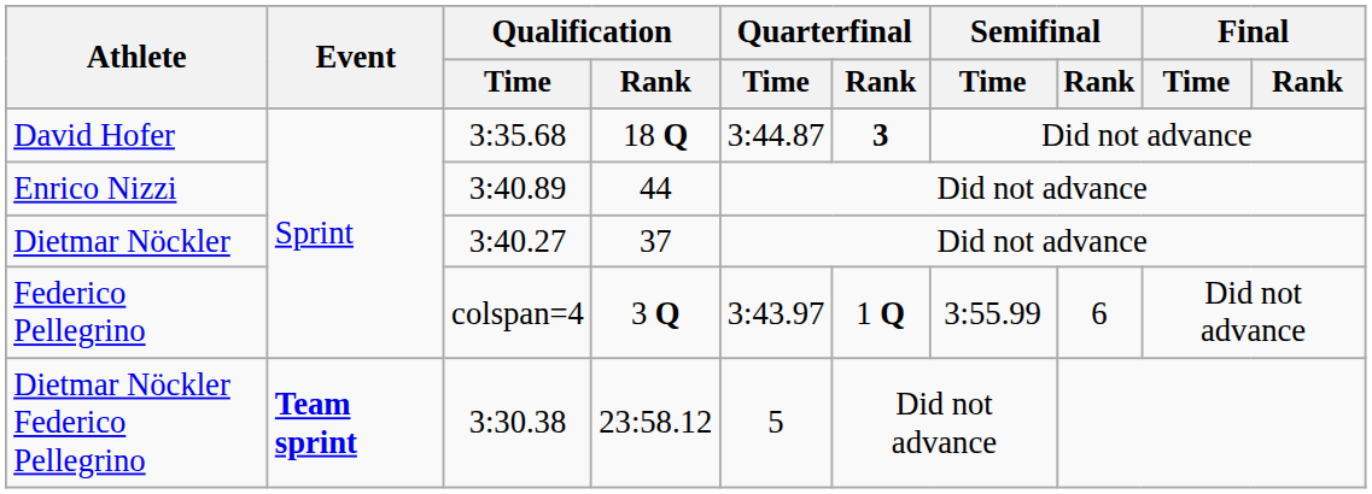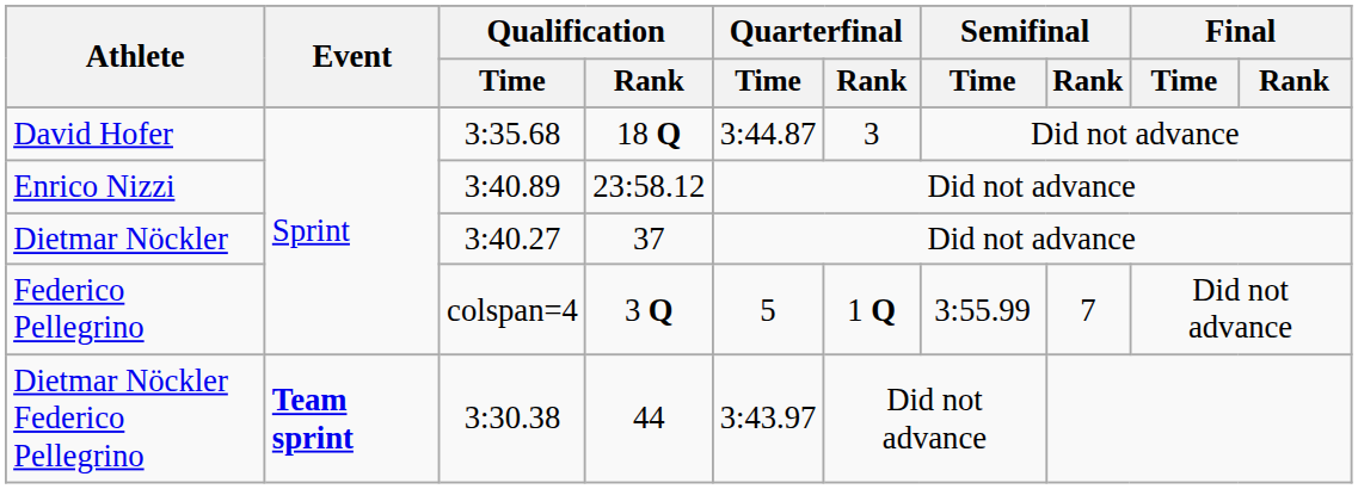 <table class="wikitable" style="font-size:90%">
 <tr>
 <th rowspan="2">Athlete</th>
 <th rowspan="2">Event</th>
 <th colspan="2">Qualification</th>
 <th colspan="2">Quarterfinal</th>
 <th colspan="2">Semifinal</th>
 <th colspan="2">Final</th>
 </tr>
 <tr style="font-size:95%">
 <th>Time</th>
 <th>Rank</th>
 <th>Time</th>
 <th>Rank</th>
 <th>Time</th>
 <th>Rank</th>
 <th>Time</th>
 <th>Rank</th>
 </tr>
 <tr align=center>
 <td align=left><a href='#'>David Hofer</a></td>
 <td align=left rowspan=4><a href='#'>Sprint</a></td>
 <td>3:35.68</td>
 <td>18 <strong>Q</strong></td>
 <td>3:44.87</td>
-<td><strong>3</strong></td>
+<td>3</td>
 <td colspan=4>Did not advance</td>
 </tr>
 <tr align=center>
 <td align=left><a href='#'>Enrico Nizzi</a></td>
 <td>3:40.89</td>
-<td>44</td>
+<td>23:58.12</td>
 <td colspan=6>Did not advance</td>
 </tr>
 <tr align=center>
 <td align=left><a href='#'>Dietmar Nöckler</a></td>
 <td>3:40.27</td>
 <td>37</td>
 <td colspan=6>Did not advance</td>
 </tr>
 <tr align=center>
 <td align=left><a href='#'>Federico Pellegrino</a></td>
 <td>colspan=4 </td>
 <td>3 <strong>Q</strong></td>
-<td>3:43.97</td>
+<td>5</td>
 <td>1 <strong>Q</strong></td>
 <td>3:55.99</td>
-<td>6</td>
+<td>7</td>
 <td colspan=2>Did not advance</td>
 </tr>
 <tr align=center>
 <td align=left><a href='#'>Dietmar Nöckler</a><br><a href='#'>Federico Pellegrino</a></td>
 <td align=left><strong><a href='#'>Team sprint</a></strong></td>
 <td>3:30.38</td>
-<td>23:58.12</td>
-<td>5</td>
+<td>44</td>
+<td>3:43.97</td>
 <td colspan=2>Did not advance</td>
 </tr>
 </table>
